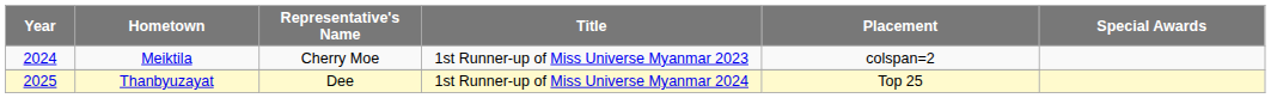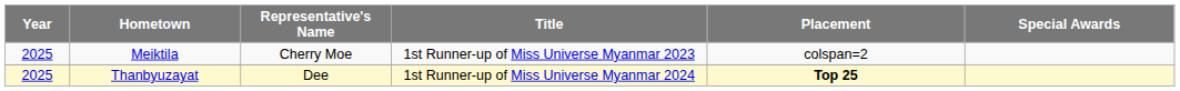 <table class="wikitable sortable" style="font-size: 90%; text-align:center">
 <tr>
 <th width="60" style="background-color:#787878;color:#FFFFFF;">Year</th>
 <th width="170" style="background-color:#787878;color:#FFFFFF;">Hometown</th>
 <th width="150" style="background-color:#787878;color:#FFFFFF;">Representative's Name</th>
 <th width="320" style="background-color:#787878;color:#FFFFFF;">Title</th>
 <th width="260" style="background-color:#787878;color:#FFFFFF;">Placement</th>
 <th width="210" style="background-color:#787878;color:#FFFFFF;">Special Awards</th>
 </tr>
 <tr>
-<td><a href='#'>2024</a></td>
+<td><a href='#'>2025</a></td>
 <td> <a href='#'>Meiktila</a></td>
 <td>Cherry Moe</td>
 <td>1st Runner-up of <a href='#'>Miss Universe Myanmar 2023</a></td>
 <td>colspan=2 </td>
 </tr>
 <tr>
 </tr>
 <tr style="background-color:#FFFACD;">
 <td><a href='#'>2025</a></td>
 <td> <a href='#'>Thanbyuzayat</a></td>
 <td>Dee</td>
 <td>1st Runner-up of <a href='#'>Miss Universe Myanmar 2024</a></td>
-<td>Top 25</td>
+<td><strong>Top 25</strong></td>
 <td style="background:;"></td>
 </tr>
 </table>
